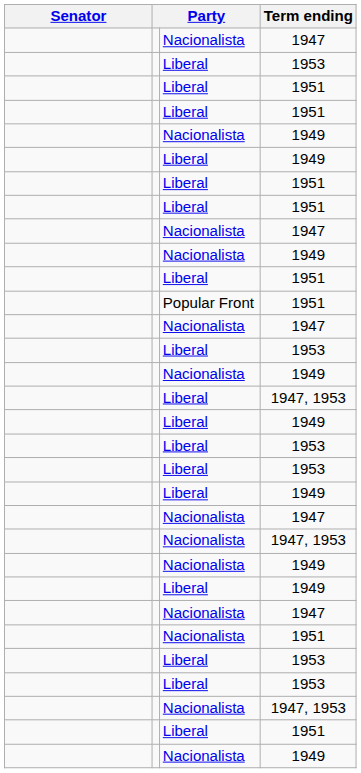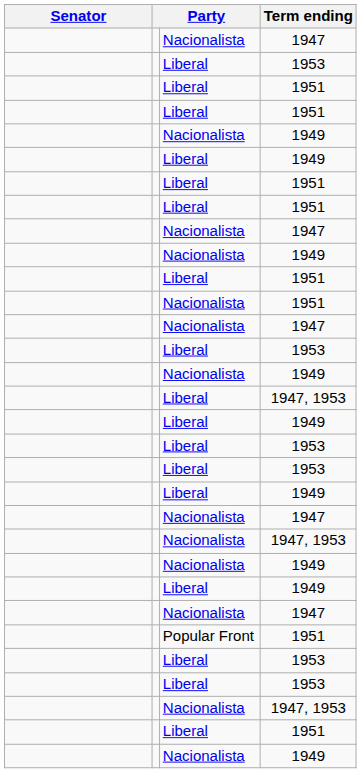 <table class="wikitable sortable">
 <tr>
 <th width="150px"><a href='#'>Senator</a></th>
 <th colspan="2"><a href='#'>Party</a></th>
 <th>Term ending</th>
 </tr>
 <tr>
 <td></td>
 <td></td>
 <td><a href='#'>Nacionalista</a></td>
 <td align="center">1947</td>
 </tr>
 <tr>
 <td></td>
 <td></td>
 <td width="100px"><a href='#'>Liberal</a></td>
 <td align="center">1953</td>
 </tr>
 <tr>
 <td></td>
 <td></td>
 <td><a href='#'>Liberal</a></td>
 <td align="center">1951</td>
 </tr>
 <tr>
 <td></td>
 <td></td>
 <td><a href='#'>Liberal</a></td>
 <td align="center">1951</td>
 </tr>
 <tr>
 <td></td>
 <td></td>
 <td><a href='#'>Nacionalista</a></td>
 <td align="center">1949</td>
 </tr>
 <tr>
 <td></td>
 <td></td>
 <td><a href='#'>Liberal</a></td>
 <td align="center">1949</td>
 </tr>
 <tr>
 <td></td>
 <td></td>
 <td><a href='#'>Liberal</a></td>
 <td align="center">1951</td>
 </tr>
 <tr>
 <td></td>
 <td></td>
 <td><a href='#'>Liberal</a></td>
 <td align="center">1951</td>
 </tr>
 <tr>
 <td></td>
 <td></td>
 <td><a href='#'>Nacionalista</a></td>
 <td align="center">1947</td>
 </tr>
 <tr>
 <td></td>
 <td></td>
 <td><a href='#'>Nacionalista</a></td>
 <td align="center">1949</td>
 </tr>
 <tr>
 <td></td>
 <td></td>
 <td><a href='#'>Liberal</a></td>
 <td align="center">1951</td>
 </tr>
 <tr>
 <td></td>
 <td></td>
-<td>Popular Front</td>
+<td><a href='#'>Nacionalista</a></td>
 <td align="center">1951</td>
 </tr>
 <tr>
 <td></td>
 <td></td>
 <td><a href='#'>Nacionalista</a></td>
 <td align="center">1947</td>
 </tr>
 <tr>
 <td></td>
 <td></td>
 <td><a href='#'>Liberal</a></td>
 <td align="center">1953</td>
 </tr>
 <tr>
 <td></td>
 <td></td>
 <td><a href='#'>Nacionalista</a></td>
 <td align="center">1949</td>
 </tr>
 <tr>
 <td></td>
 <td></td>
 <td><a href='#'>Liberal</a></td>
 <td align="center">1947, 1953</td>
 </tr>
 <tr>
 <td></td>
 <td></td>
 <td><a href='#'>Liberal</a></td>
 <td align="center">1949</td>
 </tr>
 <tr>
 <td></td>
 <td></td>
 <td><a href='#'>Liberal</a></td>
 <td align="center">1953</td>
 </tr>
 <tr>
 <td></td>
 <td></td>
 <td><a href='#'>Liberal</a></td>
 <td align="center">1953</td>
 </tr>
 <tr>
 <td></td>
 <td></td>
 <td><a href='#'>Liberal</a></td>
 <td align="center">1949</td>
 </tr>
 <tr>
 <td></td>
 <td></td>
 <td><a href='#'>Nacionalista</a></td>
 <td align="center">1947</td>
 </tr>
 <tr>
 <td></td>
 <td></td>
 <td><a href='#'>Nacionalista</a></td>
 <td align="center">1947, 1953</td>
 </tr>
 <tr>
 <td></td>
 <td></td>
 <td><a href='#'>Nacionalista</a></td>
 <td align="center">1949</td>
 </tr>
 <tr>
 <td></td>
 <td></td>
 <td><a href='#'>Liberal</a></td>
 <td align="center">1949</td>
 </tr>
 <tr>
 <td></td>
 <td></td>
 <td><a href='#'>Nacionalista</a></td>
 <td align="center">1947</td>
 </tr>
 <tr>
 <td></td>
 <td></td>
-<td><a href='#'>Nacionalista</a></td>
+<td>Popular Front</td>
 <td align="center">1951</td>
 </tr>
 <tr>
 <td></td>
 <td></td>
 <td><a href='#'>Liberal</a></td>
 <td align="center">1953</td>
 </tr>
 <tr>
 <td></td>
 <td></td>
 <td><a href='#'>Liberal</a></td>
 <td align="center">1953</td>
 </tr>
 <tr>
 <td></td>
 <td></td>
 <td><a href='#'>Nacionalista</a></td>
 <td align="center">1947, 1953</td>
 </tr>
 <tr>
 <td></td>
 <td></td>
 <td><a href='#'>Liberal</a></td>
 <td align="center">1951</td>
 </tr>
 <tr>
 <td></td>
 <td></td>
 <td><a href='#'>Nacionalista</a></td>
 <td align="center">1949</td>
 </tr>
 </table>
